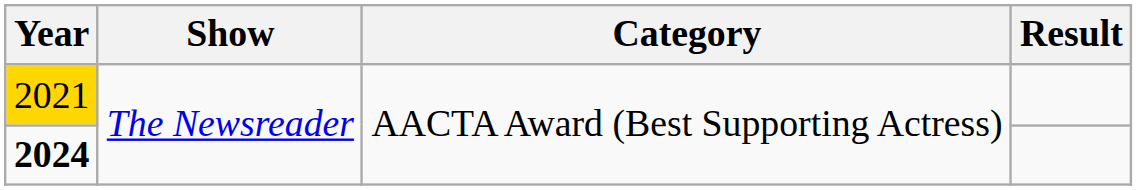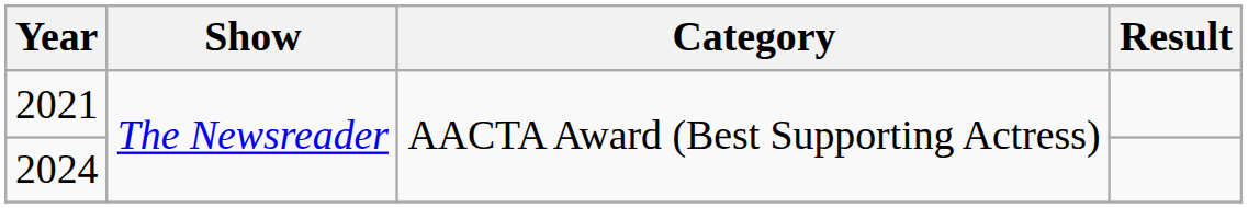 <table class="wikitable">
 <tr>
 <th>Year</th>
 <th>Show</th>
 <th>Category</th>
 <th>Result</th>
 </tr>
 <tr>
-<td style="background: gold;">2021</td>
+<td>2021</td>
 <td rowspan="2"><em><a href='#'>The Newsreader</a></em></td>
 <td rowspan="2">AACTA Award (Best Supporting Actress)</td>
 <td></td>
 </tr>
 <tr>
-<td><strong>2024</strong></td>
+<td>2024</td>
 <td></td>
 </tr>
 </table>
